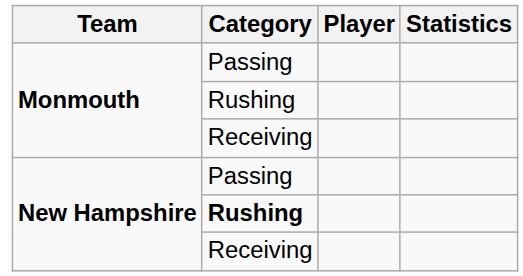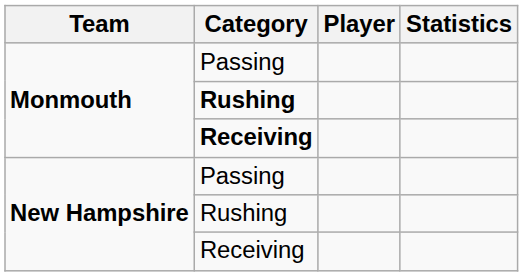 <table class="wikitable" style="float: right;">
 <tr>
 <th>Team</th>
 <th>Category</th>
 <th>Player</th>
 <th>Statistics</th>
 </tr>
 <tr>
 <td rowspan=3><strong>Monmouth</strong></td>
 <td>Passing</td>
 <td></td>
 <td></td>
 </tr>
 <tr>
-<td>Rushing</td>
+<td><strong>Rushing</strong></td>
 <td></td>
 <td></td>
 </tr>
 <tr>
-<td>Receiving</td>
+<td><strong>Receiving</strong></td>
 <td></td>
 <td></td>
 </tr>
 <tr>
 <td rowspan=3><strong>New Hampshire</strong></td>
 <td>Passing</td>
 <td></td>
 <td></td>
 </tr>
 <tr>
-<td><strong>Rushing</strong></td>
+<td>Rushing</td>
 <td></td>
 <td></td>
 </tr>
 <tr>
 <td>Receiving</td>
 <td></td>
 <td></td>
 </tr>
 </table>
